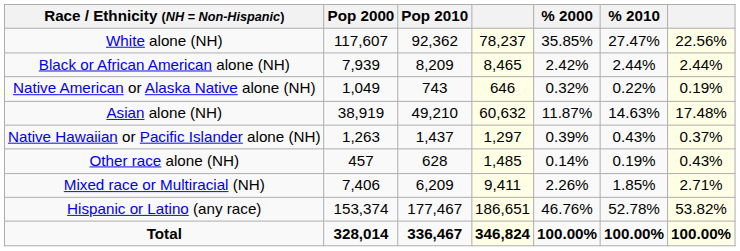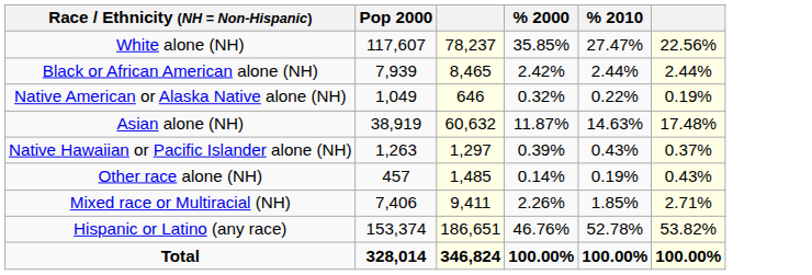 <table class="wikitable" style="text-align:center;">
 <tr>
 <th>Race / Ethnicity <small>(<em>NH = Non-Hispanic</em>)</small></th>
 <th>Pop 2000</th>
-<th>Pop 2010</th>
 <th></th>
 <th>% 2000</th>
 <th>% 2010</th>
 <th></th>
 </tr>
 <tr>
 <td><a href='#'>White</a> alone (NH)</td>
 <td>117,607</td>
-<td>92,362</td>
 <td style='background: #ffffe6;'>78,237</td>
 <td>35.85%</td>
 <td>27.47%</td>
 <td style='background: #ffffe6;'>22.56%</td>
 </tr>
 <tr>
 <td><a href='#'>Black or African American</a> alone (NH)</td>
 <td>7,939</td>
-<td>8,209</td>
 <td style='background: #ffffe6;'>8,465</td>
 <td>2.42%</td>
 <td>2.44%</td>
 <td style='background: #ffffe6;'>2.44%</td>
 </tr>
 <tr>
 <td><a href='#'>Native American</a> or <a href='#'>Alaska Native</a> alone (NH)</td>
 <td>1,049</td>
-<td>743</td>
 <td style='background: #ffffe6;'>646</td>
 <td>0.32%</td>
 <td>0.22%</td>
 <td style='background: #ffffe6;'>0.19%</td>
 </tr>
 <tr>
 <td><a href='#'>Asian</a> alone (NH)</td>
 <td>38,919</td>
-<td>49,210</td>
 <td style='background: #ffffe6;'>60,632</td>
 <td>11.87%</td>
 <td>14.63%</td>
 <td style='background: #ffffe6;'>17.48%</td>
 </tr>
 <tr>
 <td><a href='#'>Native Hawaiian</a> or <a href='#'>Pacific Islander</a> alone (NH)</td>
 <td>1,263</td>
-<td>1,437</td>
 <td style='background: #ffffe6;'>1,297</td>
 <td>0.39%</td>
 <td>0.43%</td>
 <td style='background: #ffffe6;'>0.37%</td>
 </tr>
 <tr>
 <td><a href='#'>Other race</a> alone (NH)</td>
 <td>457</td>
-<td>628</td>
 <td style='background: #ffffe6;'>1,485</td>
 <td>0.14%</td>
 <td>0.19%</td>
 <td style='background: #ffffe6;'>0.43%</td>
 </tr>
 <tr>
 <td><a href='#'>Mixed race or Multiracial</a> (NH)</td>
 <td>7,406</td>
-<td>6,209</td>
 <td style='background: #ffffe6;'>9,411</td>
 <td>2.26%</td>
 <td>1.85%</td>
 <td style='background: #ffffe6;'>2.71%</td>
 </tr>
 <tr>
 <td><a href='#'>Hispanic or Latino</a> (any race)</td>
 <td>153,374</td>
-<td>177,467</td>
 <td style='background: #ffffe6;'>186,651</td>
 <td>46.76%</td>
 <td>52.78%</td>
 <td style='background: #ffffe6;'>53.82%</td>
 </tr>
 <tr>
 <td><strong>Total</strong></td>
 <td><strong>328,014</strong></td>
-<td><strong>336,467</strong></td>
 <td style='background: #ffffe6;'><strong>346,824</strong></td>
 <td><strong>100.00%</strong></td>
 <td><strong>100.00%</strong></td>
 <td style='background: #ffffe6;'><strong>100.00%</strong></td>
 </tr>
 </table>
